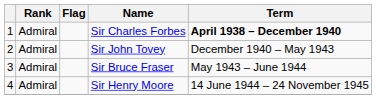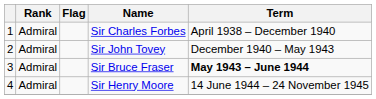 <table class="wikitable">
 <tr>
 <th></th>
 <th>Rank</th>
 <th>Flag</th>
 <th>Name</th>
 <th>Term</th>
 </tr>
 <tr>
 <td>1</td>
 <td>Admiral</td>
 <td></td>
 <td><a href='#'>Sir Charles Forbes</a></td>
-<td><strong>April 1938 – December 1940</strong></td>
+<td>April 1938 – December 1940</td>
 </tr>
 <tr>
 <td>2</td>
 <td>Admiral</td>
 <td></td>
 <td><a href='#'>Sir John Tovey</a></td>
 <td>December 1940 – May 1943</td>
 </tr>
 <tr>
 <td>3</td>
 <td>Admiral</td>
 <td></td>
 <td><a href='#'>Sir Bruce Fraser</a></td>
-<td>May 1943 – June 1944</td>
+<td><strong>May 1943 – June 1944</strong></td>
 </tr>
 <tr>
 <td>4</td>
 <td>Admiral</td>
 <td></td>
 <td><a href='#'>Sir Henry Moore</a></td>
 <td>14 June 1944 – 24 November 1945</td>
 </tr>
 <tr>
 </tr>
 </table>
